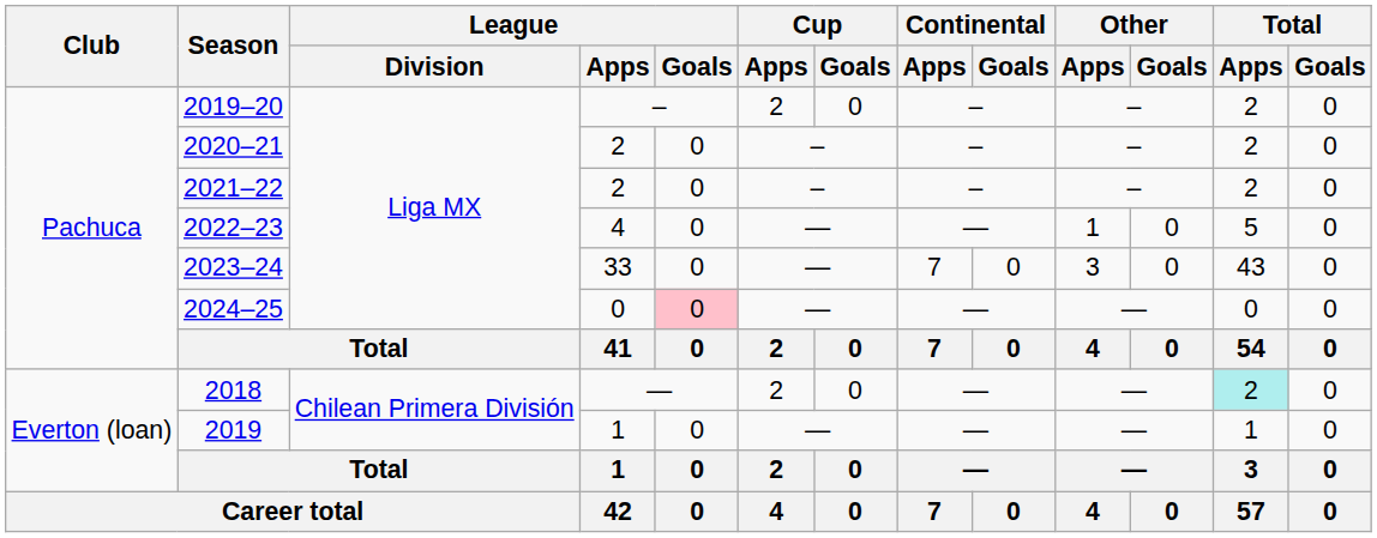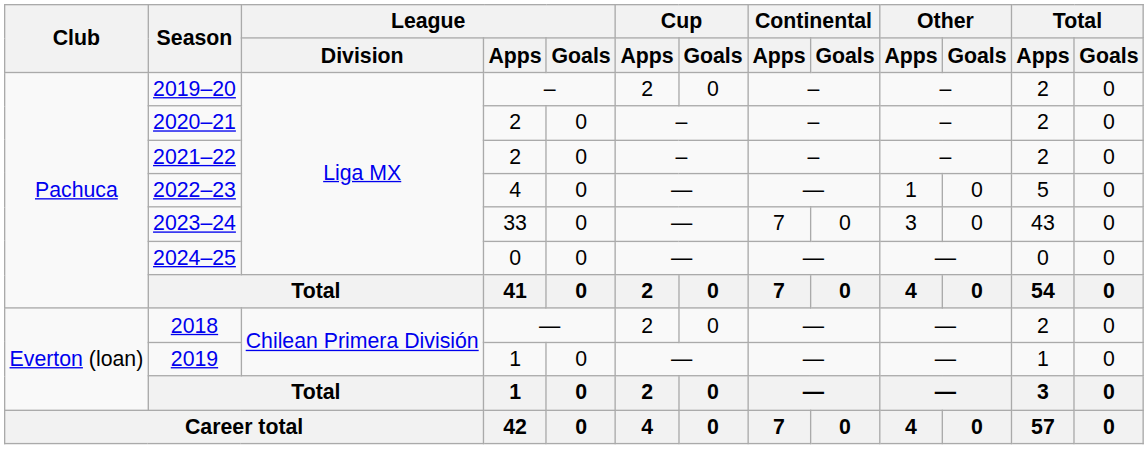 <table class="wikitable" style="text-align:center">
 <tr>
 <th rowspan="2">Club</th>
 <th rowspan="2">Season</th>
 <th colspan="3">League</th>
 <th colspan="2">Cup</th>
 <th colspan="2">Continental</th>
 <th colspan="2">Other</th>
 <th colspan="2">Total</th>
 </tr>
 <tr>
 <th>Division</th>
 <th>Apps</th>
 <th>Goals</th>
 <th>Apps</th>
 <th>Goals</th>
 <th>Apps</th>
 <th>Goals</th>
 <th>Apps</th>
 <th>Goals</th>
 <th>Apps</th>
 <th>Goals</th>
 </tr>
 <tr>
 <td rowspan="7"><a href='#'>Pachuca</a></td>
 <td><a href='#'>2019–20</a></td>
 <td rowspan="6"><a href='#'>Liga MX</a></td>
 <td colspan=2>–</td>
 <td>2</td>
 <td>0</td>
 <td colspan=2>–</td>
 <td colspan=2>–</td>
 <td>2</td>
 <td>0</td>
 </tr>
 <tr>
 <td><a href='#'>2020–21</a></td>
 <td>2</td>
 <td>0</td>
 <td colspan=2>–</td>
 <td colspan=2>–</td>
 <td colspan=2>–</td>
 <td>2</td>
 <td>0</td>
 </tr>
 <tr>
 <td><a href='#'>2021–22</a></td>
 <td>2</td>
 <td>0</td>
 <td colspan=2>–</td>
 <td colspan=2>–</td>
 <td colspan=2>–</td>
 <td>2</td>
 <td>0</td>
 </tr>
 <tr>
 <td><a href='#'>2022–23</a></td>
 <td>4</td>
 <td>0</td>
 <td colspan="2">—</td>
 <td colspan="2">—</td>
 <td>1</td>
 <td>0</td>
 <td>5</td>
 <td>0</td>
 </tr>
 <tr>
 <td><a href='#'>2023–24</a></td>
 <td>33</td>
 <td>0</td>
 <td colspan="2">—</td>
 <td>7</td>
 <td>0</td>
 <td>3</td>
 <td>0</td>
 <td>43</td>
 <td>0</td>
 </tr>
 <tr>
 <td><a href='#'>2024–25</a></td>
 <td>0</td>
-<td style="background: pink;">0</td>
+<td>0</td>
 <td colspan="2">—</td>
 <td colspan="2">—</td>
 <td colspan="2">—</td>
 <td>0</td>
 <td>0</td>
 </tr>
 <tr>
 <th colspan="2">Total</th>
 <th>41</th>
 <th>0</th>
 <th>2</th>
 <th>0</th>
 <th>7</th>
 <th>0</th>
 <th>4</th>
 <th>0</th>
 <th>54</th>
 <th>0</th>
 </tr>
 <tr>
 <td rowspan="3"><a href='#'>Everton</a> (loan)</td>
 <td><a href='#'>2018</a></td>
 <td rowspan="2"><a href='#'>Chilean Primera División</a></td>
 <td colspan=2>—</td>
 <td>2</td>
 <td>0</td>
 <td colspan=2>—</td>
 <td colspan=2>—</td>
-<td style="background: paleturquoise;">2</td>
+<td>2</td>
 <td>0</td>
 </tr>
 <tr>
 <td><a href='#'>2019</a></td>
 <td>1</td>
 <td>0</td>
 <td colspan=2>—</td>
 <td colspan=2>—</td>
 <td colspan="2">—</td>
 <td>1</td>
 <td>0</td>
 </tr>
 <tr>
 <th colspan="2">Total</th>
 <th>1</th>
 <th>0</th>
 <th>2</th>
 <th>0</th>
 <th colspan=2>—</th>
 <th colspan=2>—</th>
 <th>3</th>
 <th>0</th>
 </tr>
 <tr>
 <th colspan="3">Career total</th>
 <th>42</th>
 <th>0</th>
 <th>4</th>
 <th>0</th>
 <th>7</th>
 <th>0</th>
 <th>4</th>
 <th>0</th>
 <th>57</th>
 <th>0</th>
 </tr>
 </table>
